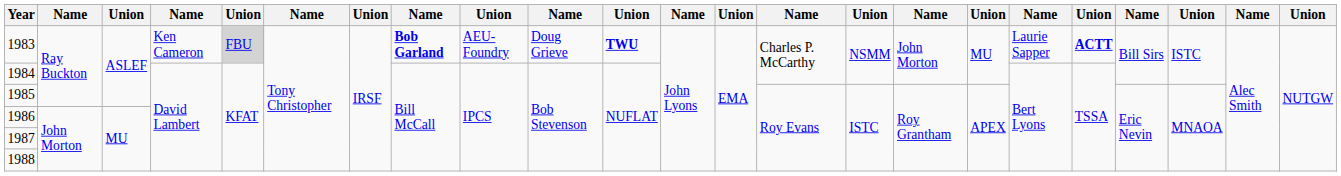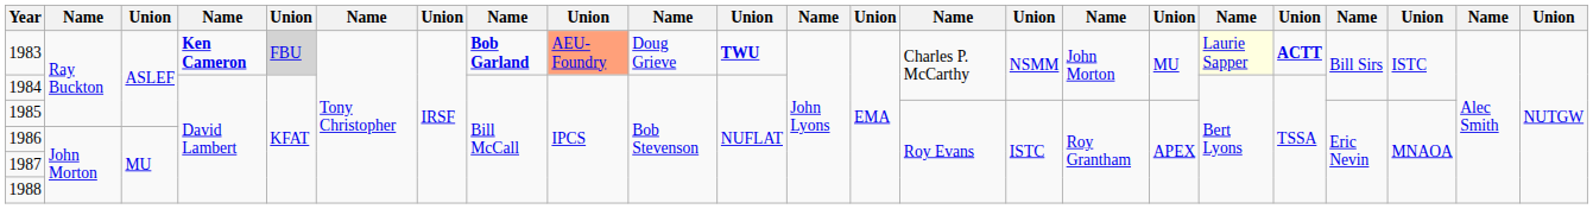 <table class="wikitable">
 <tr>
 <th>Year</th>
 <th>Name</th>
 <th>Union</th>
 <th>Name</th>
 <th>Union</th>
 <th>Name</th>
 <th>Union</th>
 <th>Name</th>
 <th>Union</th>
 <th>Name</th>
 <th>Union</th>
 <th>Name</th>
 <th>Union</th>
 <th>Name</th>
 <th>Union</th>
 <th>Name</th>
 <th>Union</th>
 <th>Name</th>
 <th>Union</th>
 <th>Name</th>
 <th>Union</th>
 <th>Name</th>
 <th>Union</th>
 </tr>
 <tr>
 <td>1983</td>
 <td rowspan=3><a href='#'>Ray Buckton</a></td>
 <td rowspan=3><a href='#'>ASLEF</a></td>
-<td><a href='#'>Ken Cameron</a></td>
+<td><strong><a href='#'>Ken Cameron</a></strong></td>
 <td style="background: lightgrey;"><a href='#'>FBU</a></td>
 <td rowspan=6><a href='#'>Tony Christopher</a></td>
 <td rowspan=6><a href='#'>IRSF</a></td>
 <td><strong><a href='#'>Bob Garland</a></strong></td>
-<td><a href='#'>AEU-Foundry</a></td>
+<td style="background: lightsalmon;"><a href='#'>AEU-Foundry</a></td>
 <td><a href='#'>Doug Grieve</a></td>
 <td><strong><a href='#'>TWU</a></strong></td>
 <td rowspan=6><a href='#'>John Lyons</a></td>
 <td rowspan=6><a href='#'>EMA</a></td>
 <td rowspan=2>Charles P. McCarthy</td>
 <td rowspan=2><a href='#'>NSMM</a></td>
 <td rowspan=2><a href='#'>John Morton</a></td>
 <td rowspan=2><a href='#'>MU</a></td>
-<td><a href='#'>Laurie Sapper</a></td>
+<td style="background: lightyellow;"><a href='#'>Laurie Sapper</a></td>
 <td><strong><a href='#'>ACTT</a></strong></td>
 <td rowspan=2><a href='#'>Bill Sirs</a></td>
 <td rowspan=2><a href='#'>ISTC</a></td>
 <td rowspan=6><a href='#'>Alec Smith</a></td>
 <td rowspan=6><a href='#'>NUTGW</a></td>
 </tr>
 <tr>
 <td>1984</td>
 <td rowspan=5><a href='#'>David Lambert</a></td>
 <td rowspan=5><a href='#'>KFAT</a></td>
 <td rowspan=5><a href='#'>Bill McCall</a></td>
 <td rowspan=5><a href='#'>IPCS</a></td>
 <td rowspan=5><a href='#'>Bob Stevenson</a></td>
 <td rowspan=5><a href='#'>NUFLAT</a></td>
 <td rowspan=5><a href='#'>Bert Lyons</a></td>
 <td rowspan=5><a href='#'>TSSA</a></td>
 </tr>
 <tr>
 <td>1985</td>
 <td rowspan=4><a href='#'>Roy Evans</a></td>
 <td rowspan=4><a href='#'>ISTC</a></td>
 <td rowspan=4><a href='#'>Roy Grantham</a></td>
 <td rowspan=4><a href='#'>APEX</a></td>
 <td rowspan=4><a href='#'>Eric Nevin</a></td>
 <td rowspan=4><a href='#'>MNAOA</a></td>
 </tr>
 <tr>
 <td>1986</td>
 <td rowspan=3><a href='#'>John Morton</a></td>
 <td rowspan=3><a href='#'>MU</a></td>
 </tr>
 <tr>
 <td>1987</td>
 </tr>
 <tr>
 <td>1988</td>
 </tr>
 </table>
